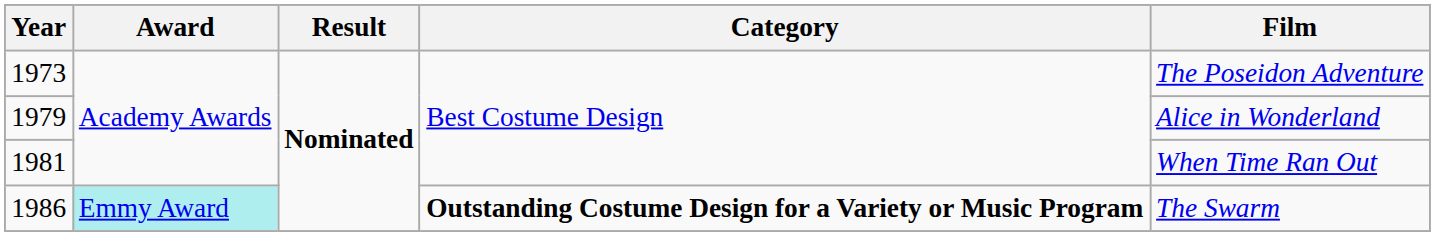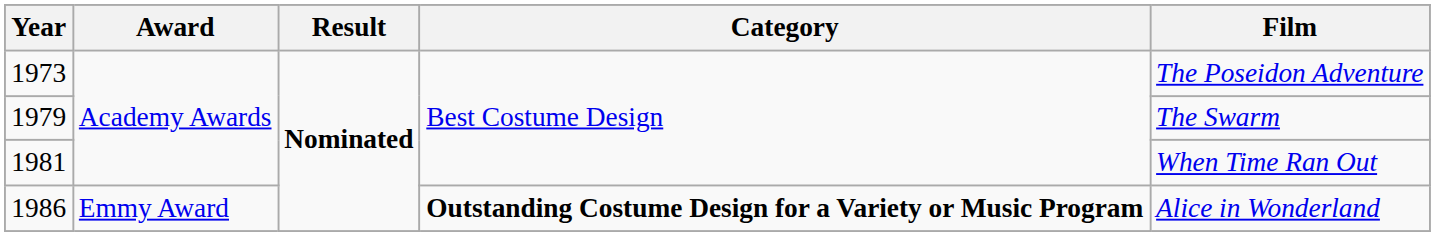 <table class="wikitable" style="font-size: 90%;">
 <tr>
 <th>Year</th>
 <th>Award</th>
 <th>Result</th>
 <th>Category</th>
 <th>Film</th>
 </tr>
 <tr>
 <td>1973</td>
 <td rowspan=3><a href='#'>Academy Awards</a></td>
 <td rowspan=4><strong>Nominated</strong></td>
 <td rowspan=3><a href='#'>Best Costume Design</a></td>
 <td><em><a href='#'>The Poseidon Adventure</a></em></td>
 </tr>
 <tr>
 <td>1979</td>
-<td><em><a href='#'>Alice in Wonderland</a></em></td>
+<td><em><a href='#'>The Swarm</a></em></td>
 </tr>
 <tr>
 <td>1981</td>
 <td><em><a href='#'>When Time Ran Out</a></em></td>
 </tr>
 <tr>
 <td>1986</td>
-<td style="background: paleturquoise;"><a href='#'>Emmy Award</a></td>
+<td><a href='#'>Emmy Award</a></td>
 <td><strong>Outstanding Costume Design for a Variety or Music Program</strong></td>
-<td><em><a href='#'>The Swarm</a></em></td>
+<td><em><a href='#'>Alice in Wonderland</a></em></td>
 </tr>
 </table>
